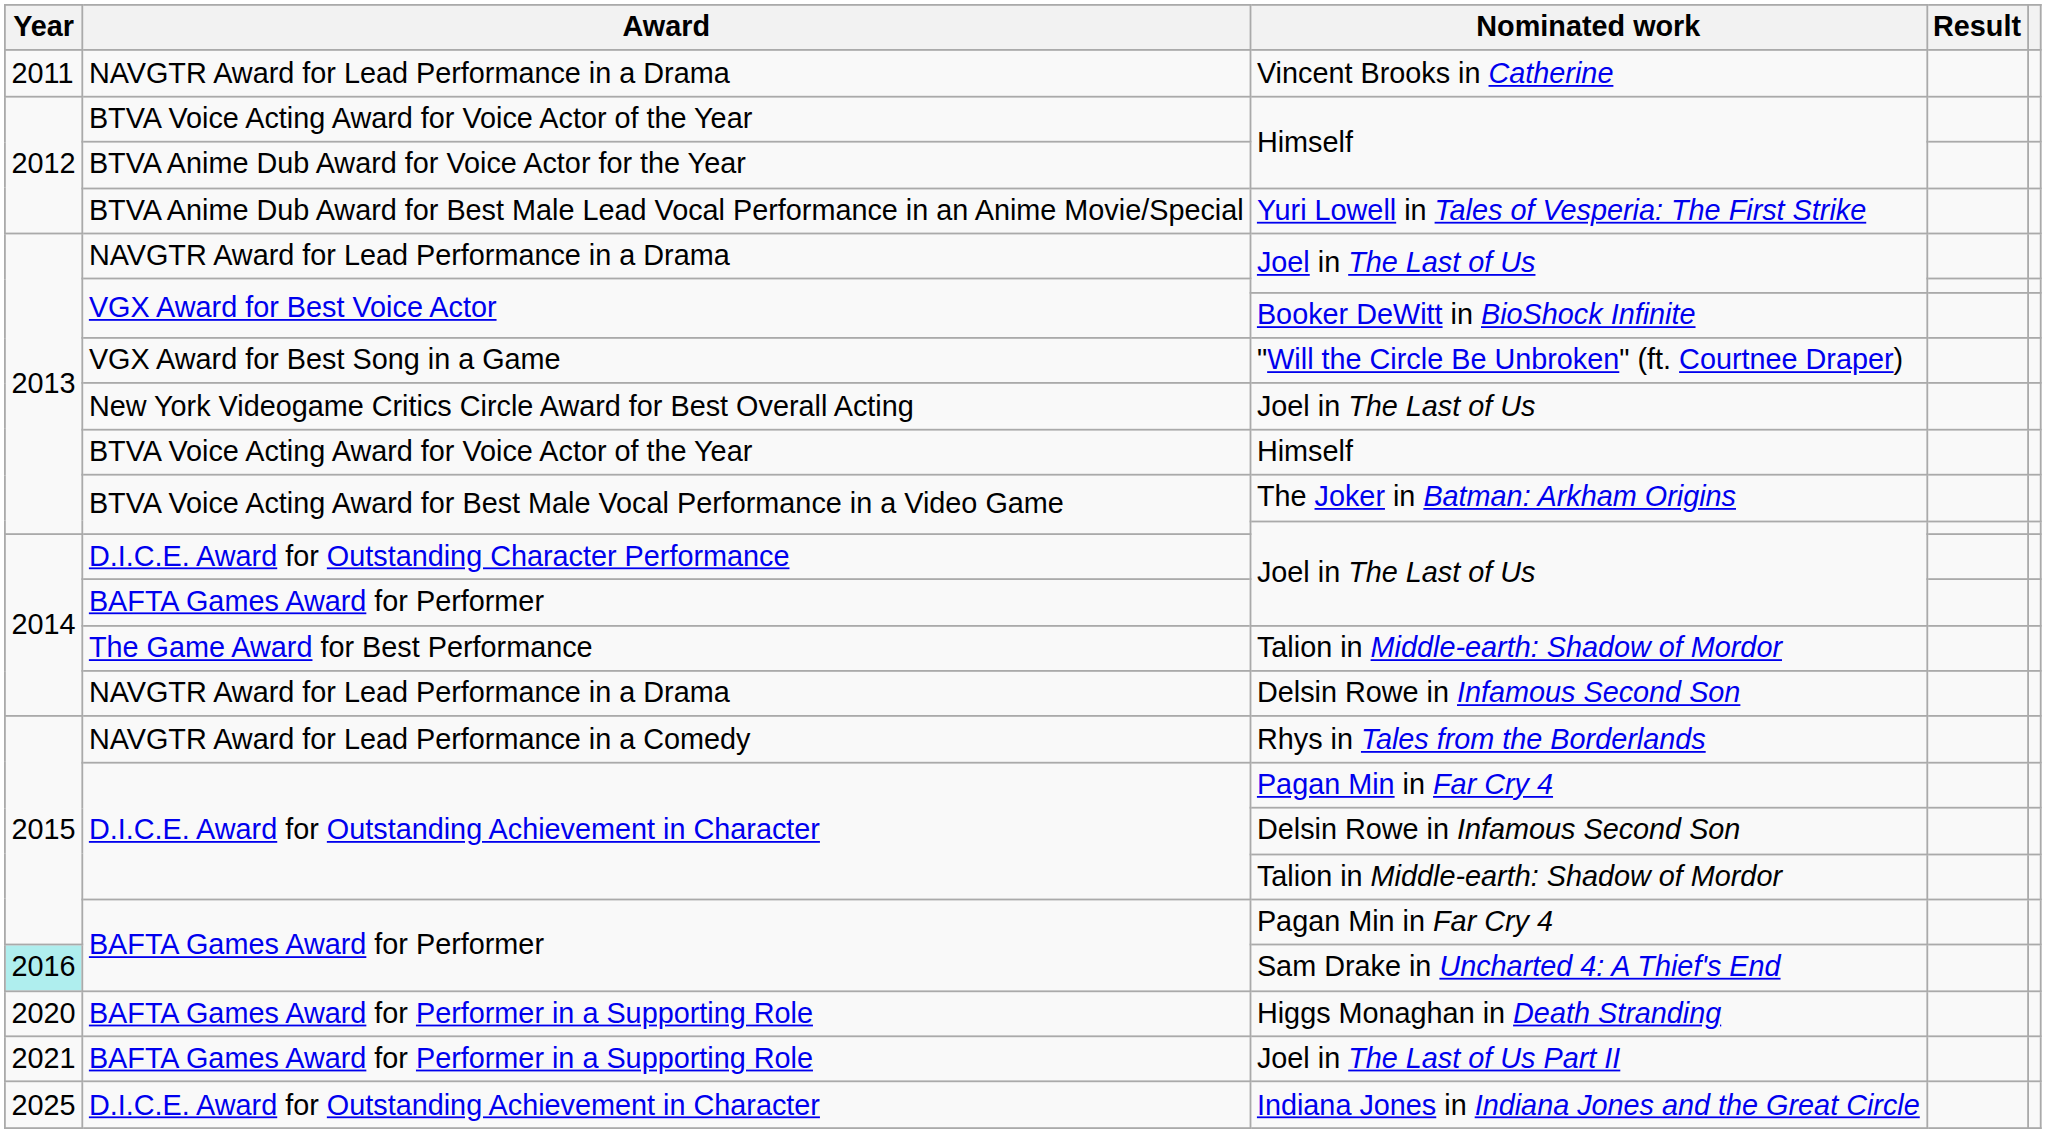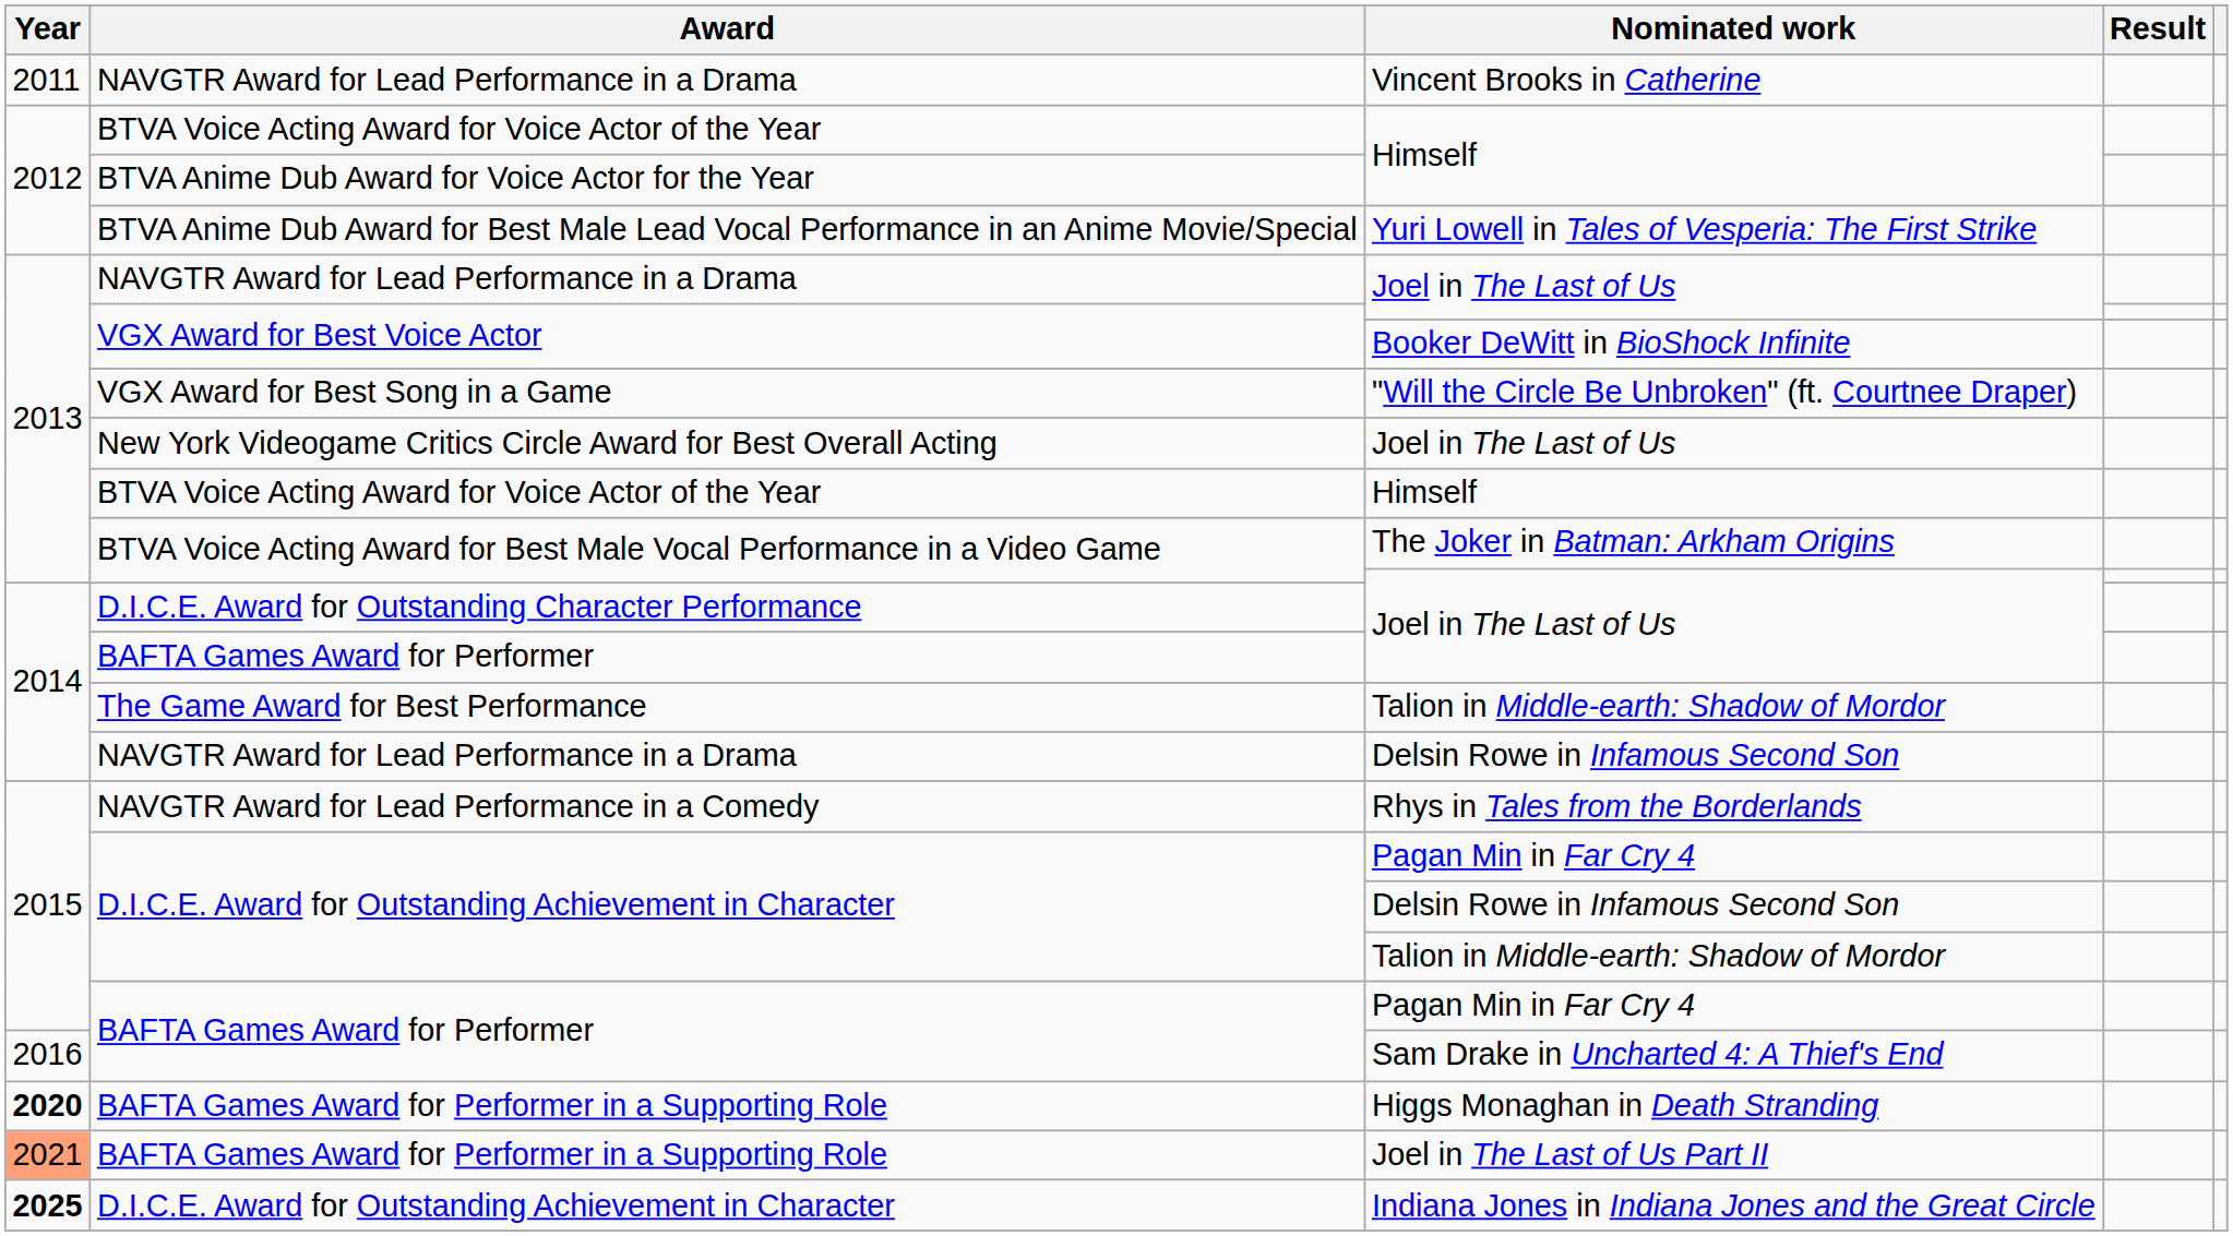 <table class="wikitable sortable">
 <tr>
 <th>Year</th>
 <th>Award</th>
 <th>Nominated work</th>
 <th>Result</th>
 <th class="unsortable"></th>
 </tr>
 <tr>
 <td>2011</td>
 <td>NAVGTR Award for Lead Performance in a Drama</td>
 <td>Vincent Brooks in <em><a href='#'>Catherine</a></em></td>
 <td></td>
 <td style="text-align:center;"></td>
 </tr>
 <tr>
 <td rowspan=3>2012</td>
 <td>BTVA Voice Acting Award for Voice Actor of the Year</td>
 <td rowspan="2">Himself</td>
 <td></td>
 <td style="text-align:center;"></td>
 </tr>
 <tr>
 <td>BTVA Anime Dub Award for Voice Actor for the Year</td>
 <td></td>
 <td style="text-align:center;"></td>
 </tr>
 <tr>
 <td>BTVA Anime Dub Award for Best Male Lead Vocal Performance in an Anime Movie/Special</td>
 <td><a href='#'>Yuri Lowell</a> in <em><a href='#'>Tales of Vesperia: The First Strike</a></em></td>
 <td></td>
 <td style="text-align:center;"></td>
 </tr>
 <tr>
 <td rowspan=8>2013</td>
 <td>NAVGTR Award for Lead Performance in a Drama</td>
 <td rowspan="2"><a href='#'>Joel</a> in <em><a href='#'>The Last of Us</a></em></td>
 <td></td>
 <td style="text-align:center;"></td>
 </tr>
 <tr>
 <td rowspan="2"><a href='#'>VGX Award for Best Voice Actor</a></td>
 <td></td>
 <td style="text-align:center;"></td>
 </tr>
 <tr>
 <td><a href='#'>Booker DeWitt</a> in <em><a href='#'>BioShock Infinite</a></em></td>
 <td></td>
 <td style="text-align:center;"></td>
 </tr>
 <tr>
 <td>VGX Award for Best Song in a Game</td>
 <td>"<a href='#'>Will the Circle Be Unbroken</a>" (ft. <a href='#'>Courtnee Draper</a>)</td>
 <td></td>
 <td style="text-align:center;"></td>
 </tr>
 <tr>
 <td>New York Videogame Critics Circle Award for Best Overall Acting</td>
 <td>Joel in <em>The Last of Us</em></td>
 <td></td>
 <td style="text-align:center;"></td>
 </tr>
 <tr>
 <td>BTVA Voice Acting Award for Voice Actor of the Year</td>
 <td>Himself</td>
 <td></td>
 <td style="text-align:center;"></td>
 </tr>
 <tr>
 <td rowspan="2">BTVA Voice Acting Award for Best Male Vocal Performance in a Video Game</td>
 <td>The <a href='#'>Joker</a> in <em><a href='#'>Batman: Arkham Origins</a></em></td>
 <td></td>
 <td style="text-align:center;"></td>
 </tr>
 <tr>
 <td rowspan="3">Joel in <em>The Last of Us</em></td>
 <td></td>
 <td style="text-align:center;"></td>
 </tr>
 <tr>
 <td rowspan=4>2014</td>
 <td><a href='#'>D.I.C.E. Award</a> for <a href='#'>Outstanding Character Performance</a></td>
 <td></td>
 <td style="text-align:center;"></td>
 </tr>
 <tr>
 <td><a href='#'>BAFTA Games Award</a> for Performer</td>
 <td></td>
 <td style="text-align:center;"></td>
 </tr>
 <tr>
 <td><a href='#'>The Game Award</a> for Best Performance</td>
 <td>Talion in <em><a href='#'>Middle-earth: Shadow of Mordor</a></em></td>
 <td></td>
 <td style="text-align:center;"></td>
 </tr>
 <tr>
 <td>NAVGTR Award for Lead Performance in a Drama</td>
 <td>Delsin Rowe in <em><a href='#'>Infamous Second Son</a></em></td>
 <td></td>
 <td style="text-align:center;"></td>
 </tr>
 <tr>
 <td rowspan=5>2015</td>
 <td>NAVGTR Award for Lead Performance in a Comedy</td>
 <td>Rhys in <em><a href='#'>Tales from the Borderlands</a></em></td>
 <td></td>
 <td style="text-align:center;"></td>
 </tr>
 <tr>
 <td rowspan="3"><a href='#'>D.I.C.E. Award</a> for <a href='#'>Outstanding Achievement in Character</a></td>
 <td><a href='#'>Pagan Min</a> in <em><a href='#'>Far Cry 4</a></em></td>
 <td></td>
 <td style="text-align:center;"></td>
 </tr>
 <tr>
 <td>Delsin Rowe in <em>Infamous Second Son</em></td>
 <td></td>
 <td style="text-align:center;"></td>
 </tr>
 <tr>
 <td>Talion in <em>Middle-earth: Shadow of Mordor</em></td>
 <td></td>
 <td style="text-align:center;"></td>
 </tr>
 <tr>
 <td rowspan="2"><a href='#'>BAFTA Games Award</a> for Performer</td>
 <td>Pagan Min in <em>Far Cry 4</em></td>
 <td></td>
 <td style="text-align:center;"></td>
 </tr>
 <tr>
-<td style="background: paleturquoise;">2016</td>
+<td>2016</td>
 <td>Sam Drake in <em><a href='#'>Uncharted 4: A Thief's End</a></em></td>
 <td></td>
 <td style="text-align:center;"></td>
 </tr>
 <tr>
-<td>2020</td>
+<td><strong>2020</strong></td>
 <td><a href='#'>BAFTA Games Award</a> for <a href='#'>Performer in a Supporting Role</a></td>
 <td>Higgs Monaghan in <em><a href='#'>Death Stranding</a></em></td>
 <td></td>
 <td style="text-align:center;"></td>
 </tr>
 <tr>
-<td>2021</td>
+<td style="background: lightsalmon;">2021</td>
 <td><a href='#'>BAFTA Games Award</a> for <a href='#'>Performer in a Supporting Role</a></td>
 <td>Joel in <em><a href='#'>The Last of Us Part II</a></em></td>
 <td></td>
 <td style="text-align:center;"></td>
 </tr>
 <tr>
-<td>2025</td>
+<td><strong>2025</strong></td>
 <td><a href='#'>D.I.C.E. Award</a> for <a href='#'>Outstanding Achievement in Character</a></td>
 <td><a href='#'>Indiana Jones</a> in <em><a href='#'>Indiana Jones and the Great Circle</a></em></td>
 <td></td>
 <td style="text-align:center;"></td>
 </tr>
 </table>
